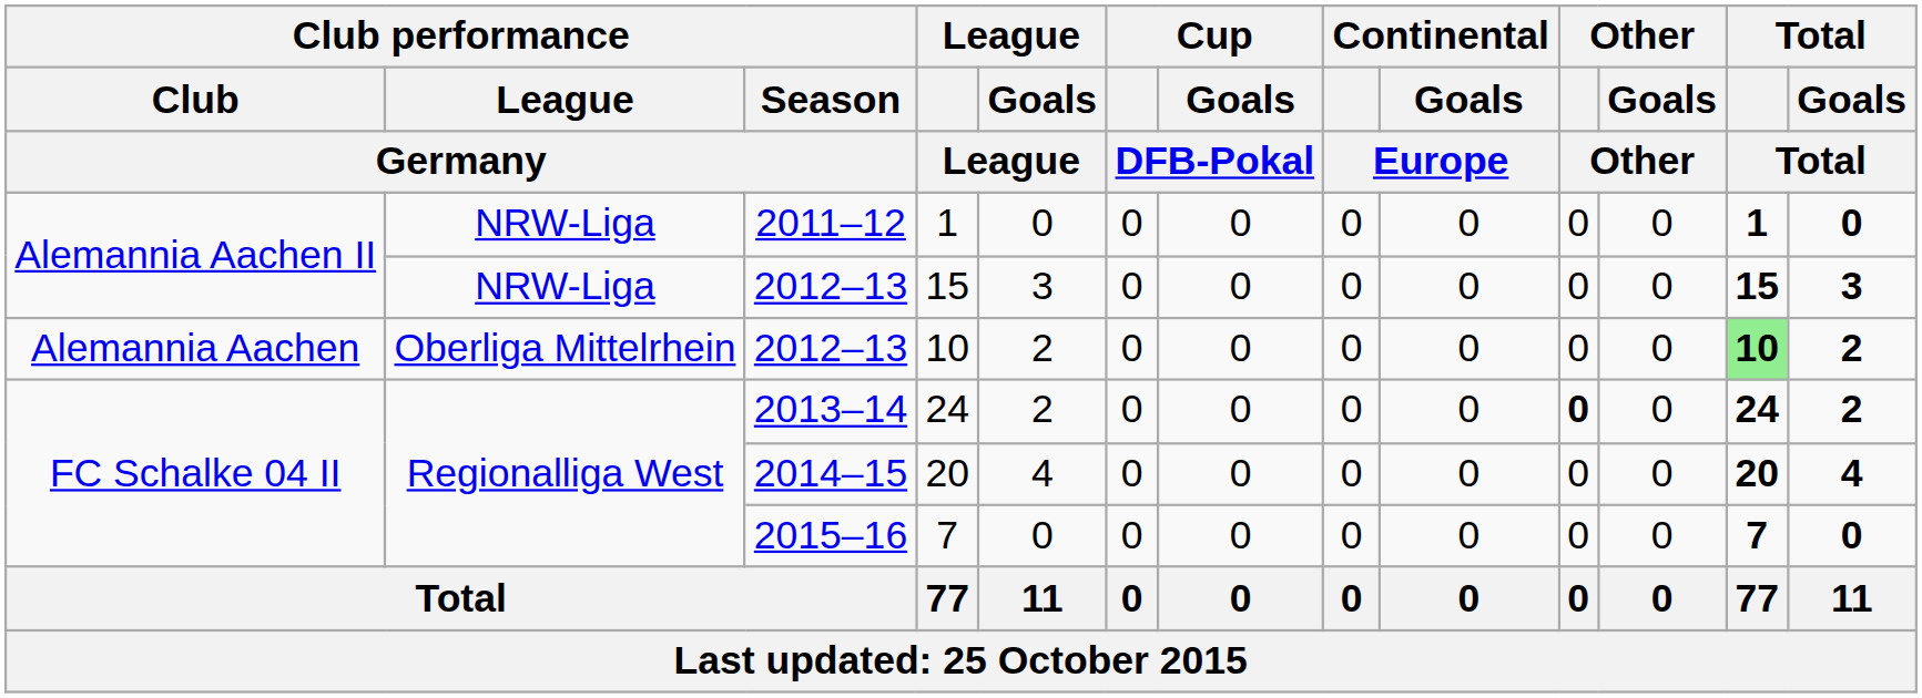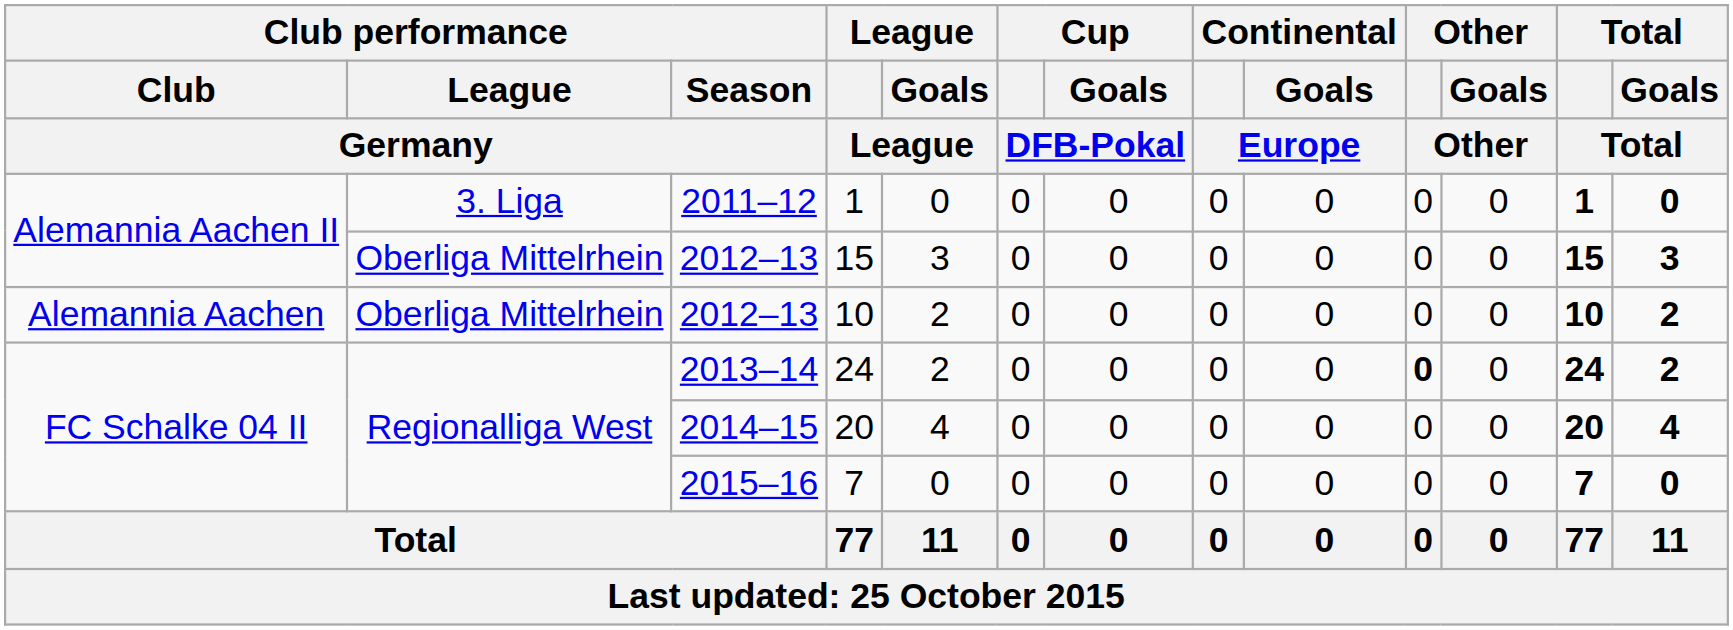 <table class="wikitable" Style="text-align: center">
 <tr>
 <th colspan="3">Club performance</th>
 <th colspan="2">League</th>
 <th colspan="2">Cup</th>
 <th colspan="2">Continental</th>
 <th colspan="2">Other</th>
 <th colspan="2">Total</th>
 </tr>
 <tr>
 <th>Club</th>
 <th>League</th>
 <th>Season</th>
 <th></th>
 <th>Goals</th>
 <th></th>
 <th>Goals</th>
 <th></th>
 <th>Goals</th>
 <th></th>
 <th>Goals</th>
 <th></th>
 <th>Goals</th>
 </tr>
 <tr>
 <th colspan="3">Germany</th>
 <th colspan="2">League</th>
 <th colspan="2"><a href='#'>DFB-Pokal</a></th>
 <th colspan="2"><a href='#'>Europe</a></th>
 <th colspan="2">Other</th>
 <th colspan="2">Total</th>
 </tr>
 <tr>
 <td rowspan="2"><a href='#'>Alemannia Aachen II</a></td>
-<td rowspan="1"><a href='#'>NRW-Liga</a></td>
+<td rowspan="1"><a href='#'>3. Liga</a></td>
 <td><a href='#'>2011–12</a></td>
 <td>1</td>
 <td>0</td>
 <td>0</td>
 <td>0</td>
 <td>0</td>
 <td>0</td>
 <td>0</td>
 <td>0</td>
 <td><strong>1</strong></td>
 <td><strong>0</strong></td>
 </tr>
 <tr>
-<td rowspan="1"><a href='#'>NRW-Liga</a></td>
+<td rowspan="1"><a href='#'>Oberliga Mittelrhein</a></td>
 <td><a href='#'>2012–13</a></td>
 <td>15</td>
 <td>3</td>
 <td>0</td>
 <td>0</td>
 <td>0</td>
 <td>0</td>
 <td>0</td>
 <td>0</td>
 <td><strong>15</strong></td>
 <td><strong>3</strong></td>
 </tr>
 <tr>
 <td rowspan="1"><a href='#'>Alemannia Aachen</a></td>
 <td rowspan="1"><a href='#'>Oberliga Mittelrhein</a></td>
 <td><a href='#'>2012–13</a></td>
 <td>10</td>
 <td>2</td>
 <td>0</td>
 <td>0</td>
 <td>0</td>
 <td>0</td>
 <td>0</td>
 <td>0</td>
-<td style="background: lightgreen;"><strong>10</strong></td>
+<td><strong>10</strong></td>
 <td><strong>2</strong></td>
 </tr>
 <tr>
 <td rowspan="3"><a href='#'>FC Schalke 04 II</a></td>
 <td rowspan="3"><a href='#'>Regionalliga West</a></td>
 <td><a href='#'>2013–14</a></td>
 <td>24</td>
 <td>2</td>
 <td>0</td>
 <td>0</td>
 <td>0</td>
 <td>0</td>
 <td><strong>0</strong></td>
 <td>0</td>
 <td><strong>24</strong></td>
 <td><strong>2</strong></td>
 </tr>
 <tr>
 <td><a href='#'>2014–15</a></td>
 <td>20</td>
 <td>4</td>
 <td>0</td>
 <td>0</td>
 <td>0</td>
 <td>0</td>
 <td>0</td>
 <td>0</td>
 <td><strong>20</strong></td>
 <td><strong>4</strong></td>
 </tr>
 <tr>
 <td><a href='#'>2015–16</a></td>
 <td>7</td>
 <td>0</td>
 <td>0</td>
 <td>0</td>
 <td>0</td>
 <td>0</td>
 <td>0</td>
 <td>0</td>
 <td><strong>7</strong></td>
 <td><strong>0</strong></td>
 </tr>
 <tr>
 <th colspan="3">Total</th>
 <th>77</th>
 <th>11</th>
 <th>0</th>
 <th>0</th>
 <th>0</th>
 <th>0</th>
 <th>0</th>
 <th>0</th>
 <th>77</th>
 <th>11</th>
 </tr>
 <tr>
 <th colspan="14">Last updated: 25 October 2015</th>
 </tr>
 </table>
